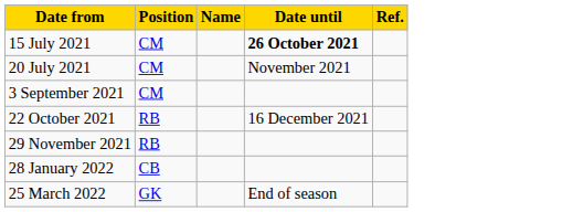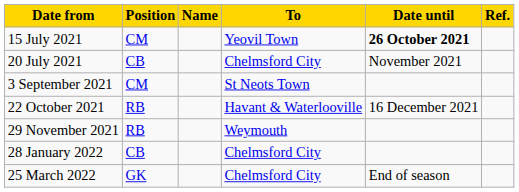 <table class="wikitable plainrowheaders sortable">
 <tr>
 <th style="background-color:#ffd700; color:#000000; ">Date from</th>
 <th style="background-color:#ffd700; color:#000000; ">Position</th>
 <th style="background-color:#ffd700; color:#000000; ">Name</th>
+<th style="background-color:#ffd700; color:#000000; ">To</th>
 <th style="background-color:#ffd700; color:#000000; ">Date until</th>
 <th style="background-color:#ffd700; color:#000000; ">Ref.</th>
 </tr>
 <tr>
 <td>15 July 2021</td>
 <td><a href='#'>CM</a></td>
 <td></td>
+<td><a href='#'>Yeovil Town</a></td>
 <td><strong>26 October 2021</strong></td>
 <td></td>
 </tr>
 <tr>
 <td>20 July 2021</td>
-<td><a href='#'>CM</a></td>
+<td><a href='#'>CB</a></td>
 <td></td>
+<td><a href='#'>Chelmsford City</a></td>
 <td>November 2021</td>
 <td></td>
 </tr>
 <tr>
 <td>3 September 2021</td>
 <td><a href='#'>CM</a></td>
 <td></td>
+<td><a href='#'>St Neots Town</a></td>
 <td></td>
 <td></td>
 </tr>
 <tr>
 <td>22 October 2021</td>
 <td><a href='#'>RB</a></td>
 <td></td>
+<td><a href='#'>Havant & Waterlooville</a></td>
 <td>16 December 2021</td>
 <td></td>
 </tr>
 <tr>
 <td>29 November 2021</td>
 <td><a href='#'>RB</a></td>
 <td></td>
+<td><a href='#'>Weymouth</a></td>
 <td></td>
 <td></td>
 </tr>
 <tr>
 <td>28 January 2022</td>
 <td><a href='#'>CB</a></td>
 <td></td>
+<td><a href='#'>Chelmsford City</a></td>
 <td></td>
 <td></td>
 </tr>
 <tr>
 <td>25 March 2022</td>
 <td><a href='#'>GK</a></td>
 <td></td>
+<td><a href='#'>Chelmsford City</a></td>
 <td>End of season</td>
 <td></td>
 </tr>
 </table>
